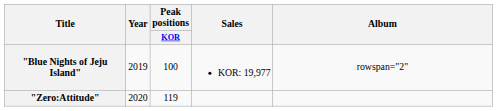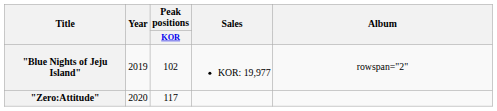 <table class="wikitable plainrowheaders" style="text-align:center">
 <tr>
 <th scope="col" rowspan="2" style="width:12em">Title</th>
 <th scope="col" rowspan="2" style="width:2em">Year</th>
 <th scope="col" colspan="1">Peak positions</th>
 <th scope="col" rowspan="2">Sales</th>
 <th scope="col" rowspan="2" style="width:22em">Album</th>
 </tr>
 <tr>
 <th scope="col" style="width:3em;font-size:85%"><a href='#'>KOR</a><br></th>
 </tr>
 <tr>
 <th scope="row">"Blue Nights of Jeju Island"</th>
 <td>2019</td>
-<td>100</td>
+<td>102</td>
 <td><br><ul><li>KOR: 19,977</li></ul></td>
 <td>rowspan="2" </td>
 </tr>
 <tr>
 <th scope="row">"Zero:Attitude" <br></th>
 <td>2020</td>
-<td>119</td>
+<td>117</td>
 <td></td>
 </tr>
 </table>
